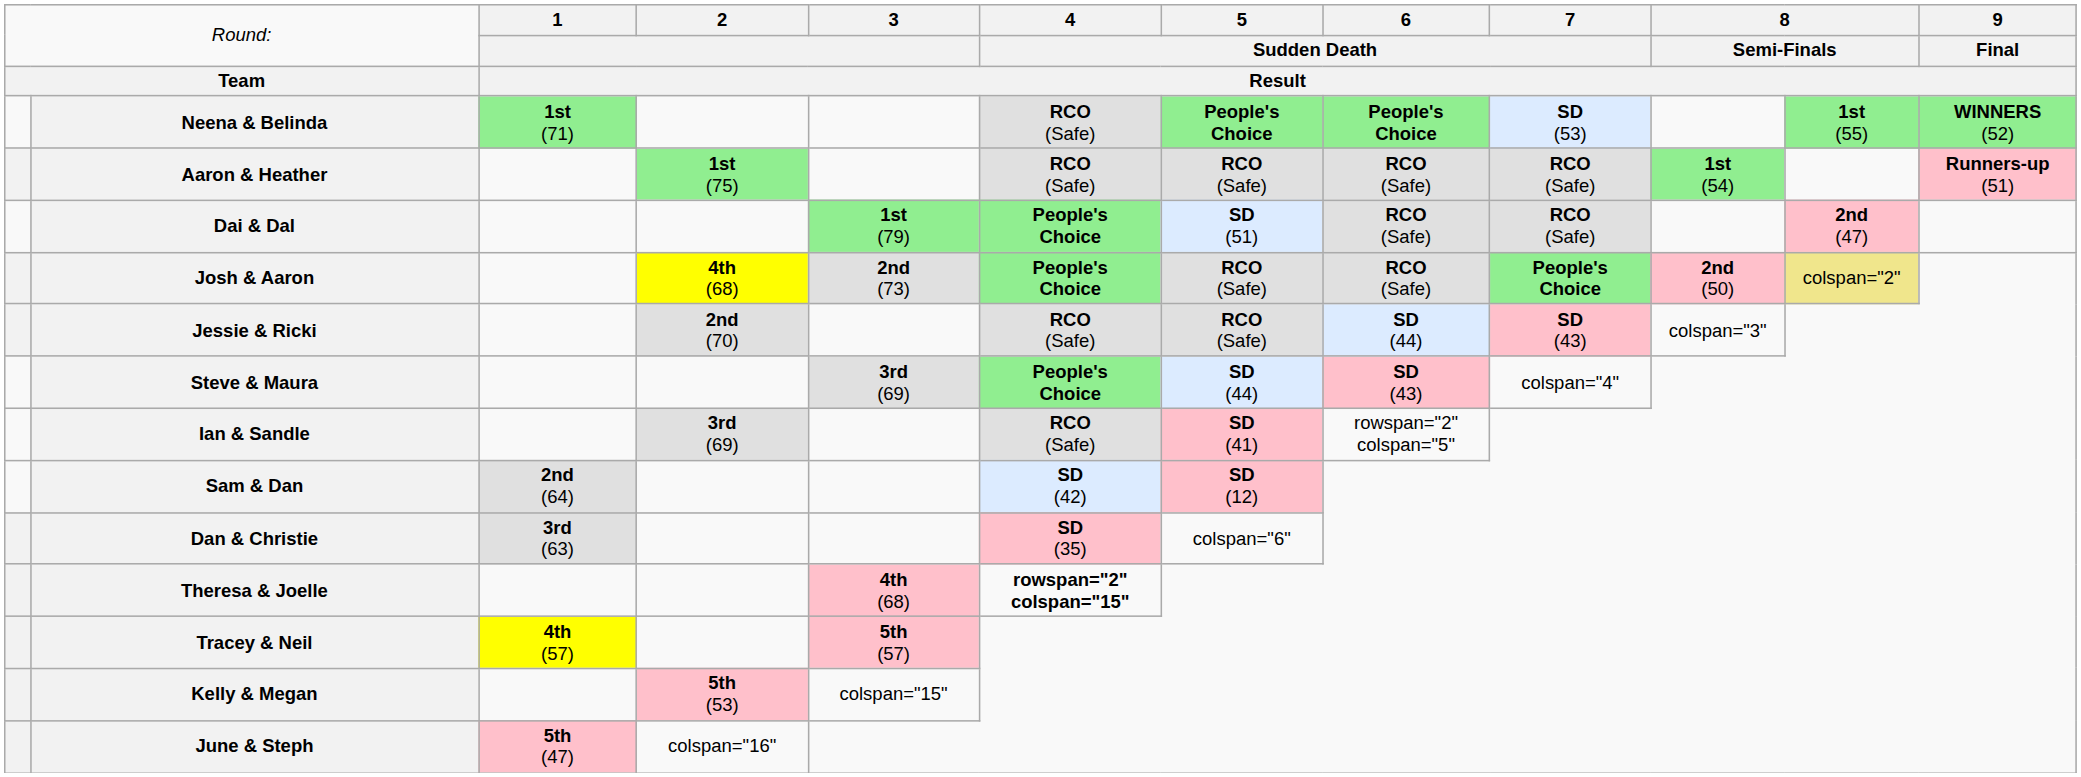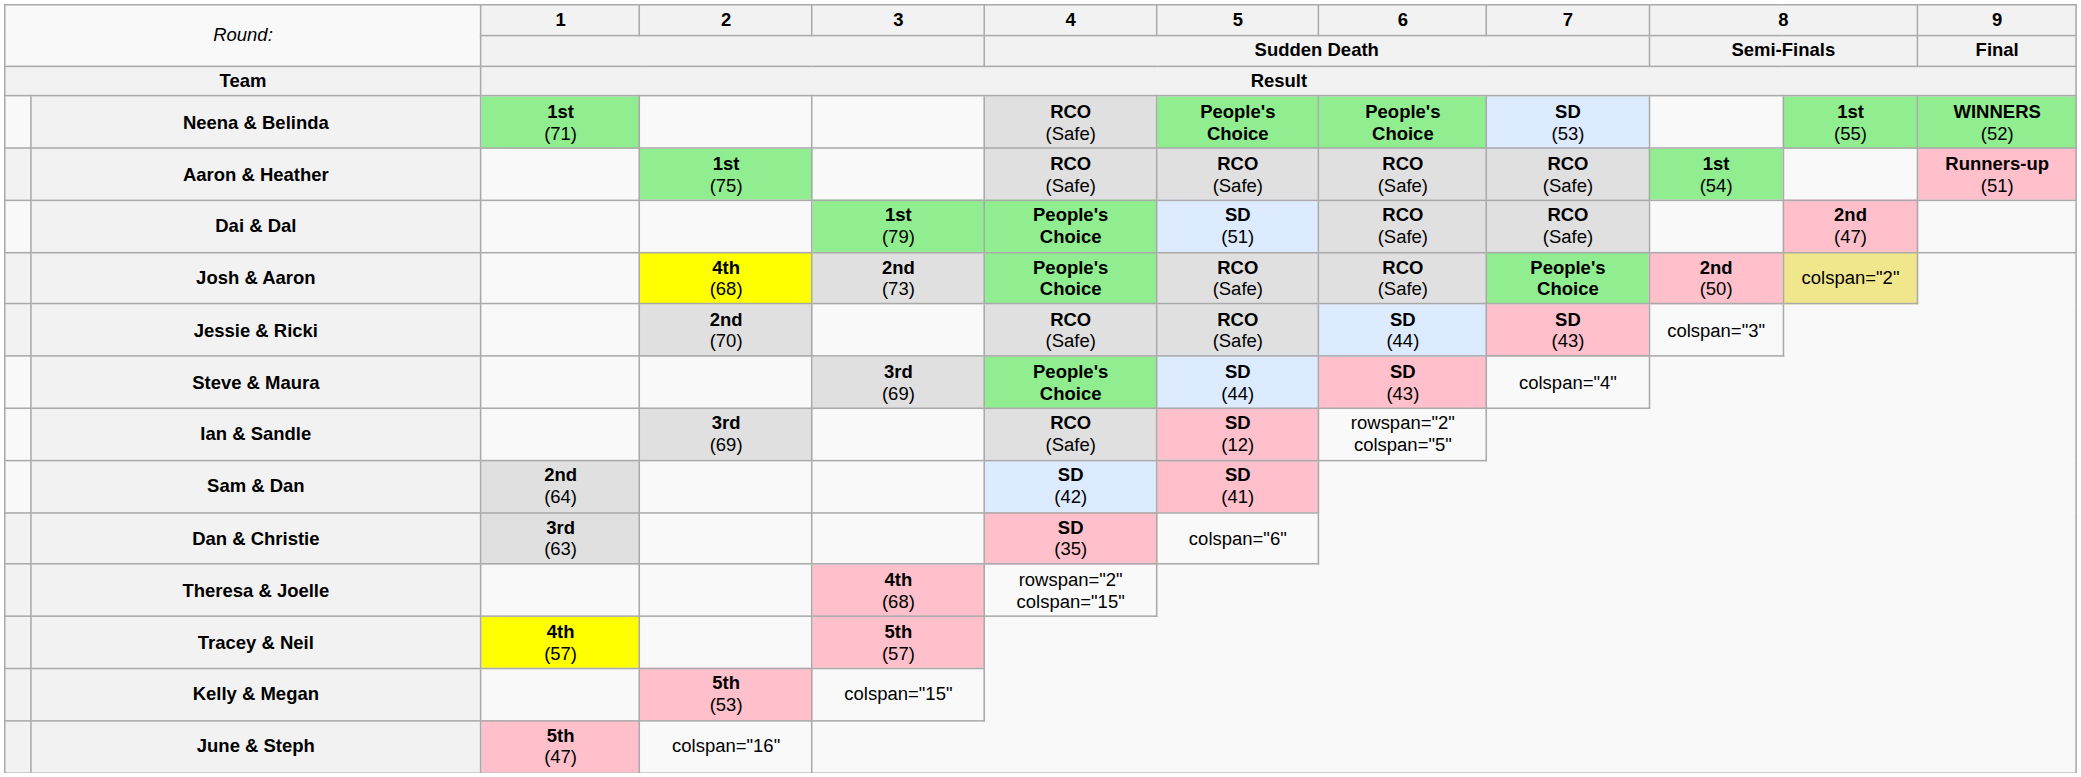 <table class="wikitable" style="text-align: center; font-size: 9pt; line-height:14px; width:85%">
 <tr>
 <td colspan="2" rowspan="2"><em>Round:</em></td>
 <th style="width:5%;">1</th>
 <th style="width:5%;">2</th>
 <th style="width:5%;">3</th>
 <th style="width:5%;">4</th>
 <th style="width:5%;">5</th>
 <th style="width:5%;">6</th>
 <th style="width:5%;">7</th>
 <th colspan="2" style="width:5%;">8</th>
 <th style="width:5%;">9</th>
 </tr>
 <tr>
 <th colspan="3"><a href='#'></a></th>
 <th colspan="4">Sudden Death</th>
 <th colspan="2">Semi-Finals</th>
 <th>Final</th>
 </tr>
 <tr>
 <th style="width:15%;" colspan="2">Team</th>
 <th colspan="10">Result</th>
 </tr>
 <tr>
 <td></td>
 <th>Neena & Belinda</th>
 <td bgcolor="lightgreen"><strong>1st</strong><br>(71)</td>
 <td></td>
 <td></td>
 <td bgcolor="E0E0E0"><strong>RCO</strong><br>(Safe)</td>
 <td bgcolor="lightgreen"><strong>People's</strong><br><strong>Choice</strong></td>
 <td bgcolor="lightgreen"><strong>People's</strong><br><strong>Choice</strong></td>
 <td bgcolor="DCEBFF"><strong>SD</strong><br>(53)</td>
 <td></td>
 <td bgcolor="lightgreen"><strong>1st</strong><br>(55)</td>
 <td bgcolor="lightgreen"><strong>WINNERS</strong><br>(52)</td>
 </tr>
 <tr>
 <th></th>
 <th>Aaron & Heather</th>
 <td></td>
 <td bgcolor="lightgreen"><strong>1st</strong><br>(75)</td>
 <td></td>
 <td bgcolor="E0E0E0"><strong>RCO</strong><br>(Safe)</td>
 <td bgcolor="E0E0E0"><strong>RCO</strong><br>(Safe)</td>
 <td bgcolor="E0E0E0"><strong>RCO</strong><br>(Safe)</td>
 <td bgcolor="E0E0E0"><strong>RCO</strong><br>(Safe)</td>
 <td bgcolor="lightgreen"><strong>1st</strong><br>(54)</td>
 <td></td>
 <td bgcolor="pink"><strong>Runners-up</strong><br>(51)</td>
 </tr>
 <tr>
 <td></td>
 <th>Dai & Dal</th>
 <td></td>
 <td></td>
 <td bgcolor="lightgreen"><strong>1st</strong><br>(79)</td>
 <td bgcolor="lightgreen"><strong>People's</strong><br><strong>Choice</strong></td>
 <td bgcolor="DCEBFF"><strong>SD</strong><br>(51)</td>
 <td bgcolor="E0E0E0"><strong>RCO</strong><br>(Safe)</td>
 <td bgcolor="E0E0E0"><strong>RCO</strong><br>(Safe)</td>
 <td></td>
 <td bgcolor="pink"><strong>2nd</strong><br>(47)</td>
 <td></td>
 </tr>
 <tr>
 <th></th>
 <th>Josh & Aaron</th>
 <td></td>
 <td bgcolor="yellow"><strong>4th</strong><br>(68)</td>
 <td bgcolor="E0E0E0"><strong>2nd</strong><br>(73)</td>
 <td bgcolor="lightgreen"><strong>People's</strong><br><strong>Choice</strong></td>
 <td bgcolor="E0E0E0"><strong>RCO</strong><br>(Safe)</td>
 <td bgcolor="E0E0E0"><strong>RCO</strong><br>(Safe)</td>
 <td bgcolor="lightgreen"><strong>People's</strong><br><strong>Choice</strong></td>
 <td bgcolor="pink"><strong>2nd</strong><br>(50)</td>
 <td style="background: khaki;">colspan="2" </td>
 </tr>
 <tr>
 <th></th>
 <th>Jessie & Ricki</th>
 <td></td>
 <td bgcolor="E0E0E0"><strong>2nd</strong><br>(70)</td>
 <td></td>
 <td bgcolor="E0E0E0"><strong>RCO</strong><br>(Safe)</td>
 <td bgcolor="E0E0E0"><strong>RCO</strong><br>(Safe)</td>
 <td bgcolor="DCEBFF"><strong>SD</strong><br>(44)</td>
 <td bgcolor="pink"><strong>SD</strong><br>(43)</td>
 <td>colspan="3" </td>
 </tr>
 <tr>
 <td></td>
 <th>Steve & Maura</th>
 <td></td>
 <td></td>
 <td bgcolor="E0E0E0"><strong>3rd</strong><br>(69)</td>
 <td bgcolor="lightgreen"><strong>People's</strong><br><strong>Choice</strong></td>
 <td bgcolor="DCEBFF"><strong>SD</strong><br>(44)</td>
 <td bgcolor="pink"><strong>SD</strong><br>(43)</td>
 <td>colspan="4" </td>
 </tr>
 <tr>
 <td></td>
 <th>Ian & Sandle</th>
 <td></td>
 <td bgcolor="E0E0E0"><strong>3rd</strong><br>(69)</td>
 <td></td>
 <td bgcolor="E0E0E0"><strong>RCO</strong><br>(Safe)</td>
-<td bgcolor="pink"><strong>SD</strong><br>(41)</td>
+<td bgcolor="pink"><strong>SD</strong><br>(12)</td>
 <td>rowspan="2" colspan="5" </td>
 </tr>
 <tr>
 <td></td>
 <th>Sam & Dan</th>
 <td bgcolor="E0E0E0"><strong>2nd</strong><br>(64)</td>
 <td></td>
 <td></td>
 <td bgcolor="DCEBFF"><strong>SD</strong><br>(42)</td>
-<td bgcolor="pink"><strong>SD</strong><br>(12)</td>
+<td bgcolor="pink"><strong>SD</strong><br>(41)</td>
 </tr>
 <tr>
 <th></th>
 <th>Dan & Christie</th>
 <td bgcolor="E0E0E0"><strong>3rd</strong><br>(63)</td>
 <td></td>
 <td></td>
 <td bgcolor="pink"><strong>SD</strong><br>(35)</td>
 <td>colspan="6" </td>
 </tr>
 <tr>
 <th></th>
 <th>Theresa & Joelle</th>
 <td></td>
 <td></td>
 <td bgcolor="pink"><strong>4th</strong><br>(68)</td>
-<td><strong>rowspan="2" colspan="15" </strong></td>
+<td>rowspan="2" colspan="15" </td>
 </tr>
 <tr>
 <th></th>
 <th>Tracey & Neil</th>
 <td bgcolor="yellow"><strong>4th</strong><br>(57)</td>
 <td></td>
 <td bgcolor="pink"><strong>5th</strong><br>(57)</td>
 </tr>
 <tr>
 <th></th>
 <th>Kelly & Megan</th>
 <td></td>
 <td bgcolor="pink"><strong>5th</strong><br>(53)</td>
 <td>colspan="15" </td>
 </tr>
 <tr>
 <th></th>
 <th>June & Steph</th>
 <td bgcolor="pink"><strong>5th</strong><br>(47)</td>
 <td>colspan="16" </td>
 </tr>
 </table>
